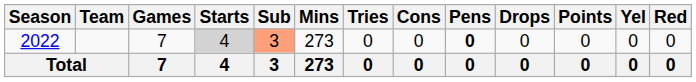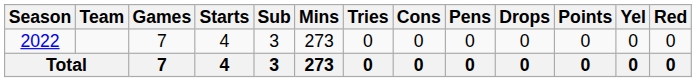 <table class="wikitable" style="text-align:center; line-height:90%; font-size:95%; width:60%;">
 <tr>
 <th>Season</th>
 <th>Team</th>
 <th>Games</th>
 <th>Starts</th>
 <th>Sub</th>
 <th>Mins</th>
 <th>Tries</th>
 <th>Cons</th>
 <th>Pens</th>
 <th>Drops</th>
 <th>Points</th>
 <th>Yel</th>
 <th>Red</th>
 </tr>
 <tr>
 <td><a href='#'>2022</a></td>
 <td></td>
 <td>7</td>
-<td style="background: lightgrey;">4</td>
-<td style="background: lightsalmon;">3</td>
+<td>4</td>
+<td>3</td>
 <td>273</td>
 <td>0</td>
 <td>0</td>
-<td><strong>0</strong></td>
+<td>0</td>
 <td>0</td>
 <td>0</td>
 <td>0</td>
 <td>0</td>
 </tr>
 <tr>
 <th colspan="2">Total</th>
 <th>7</th>
 <th>4</th>
 <th>3</th>
 <th>273</th>
 <th>0</th>
 <th>0</th>
 <th>0</th>
 <th>0</th>
 <th>0</th>
 <th>0</th>
 <th>0</th>
 </tr>
 </table>
